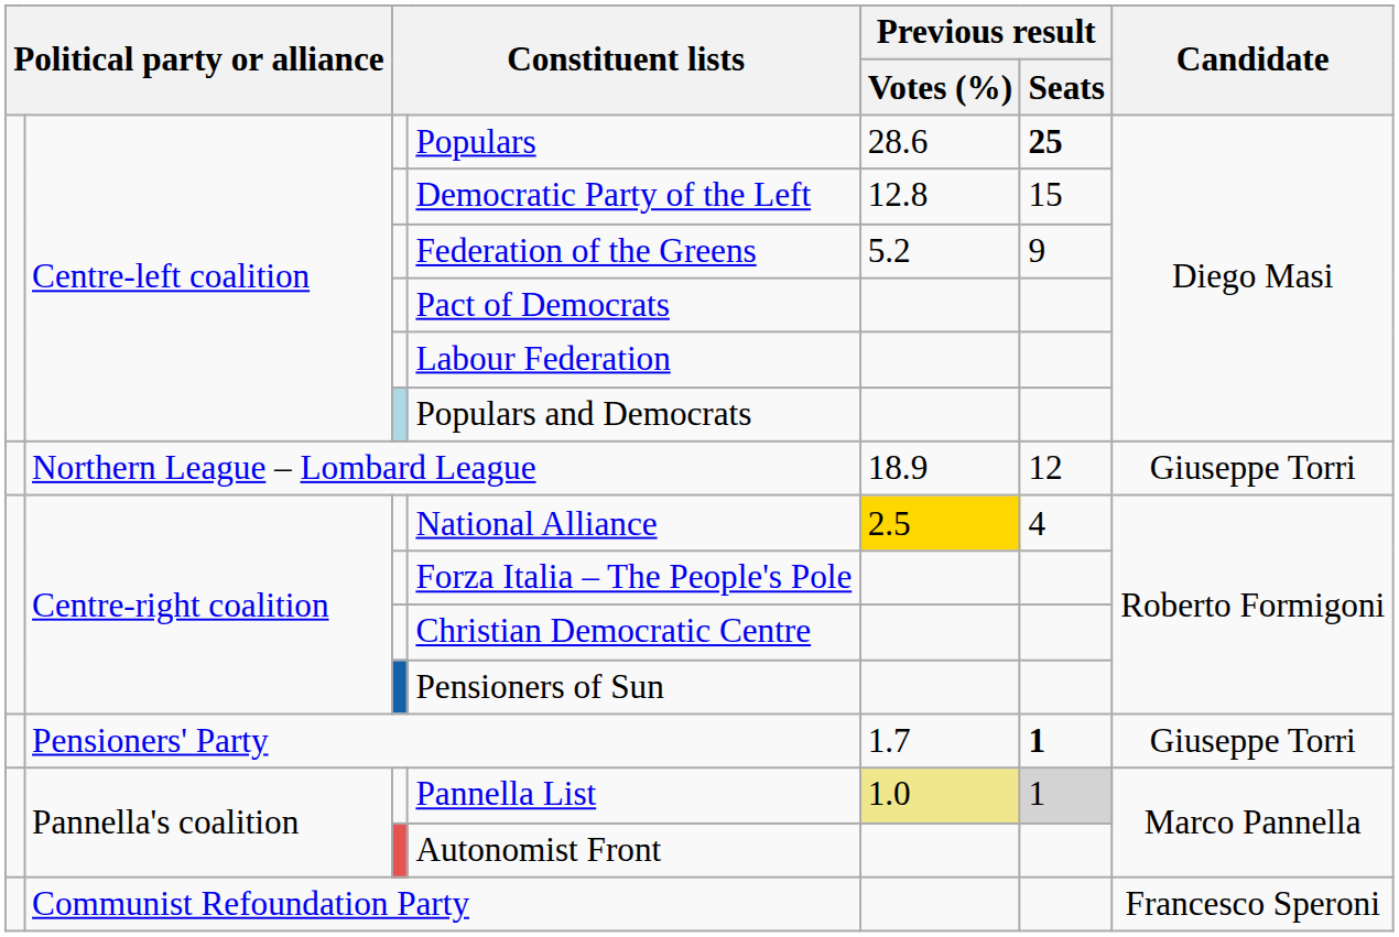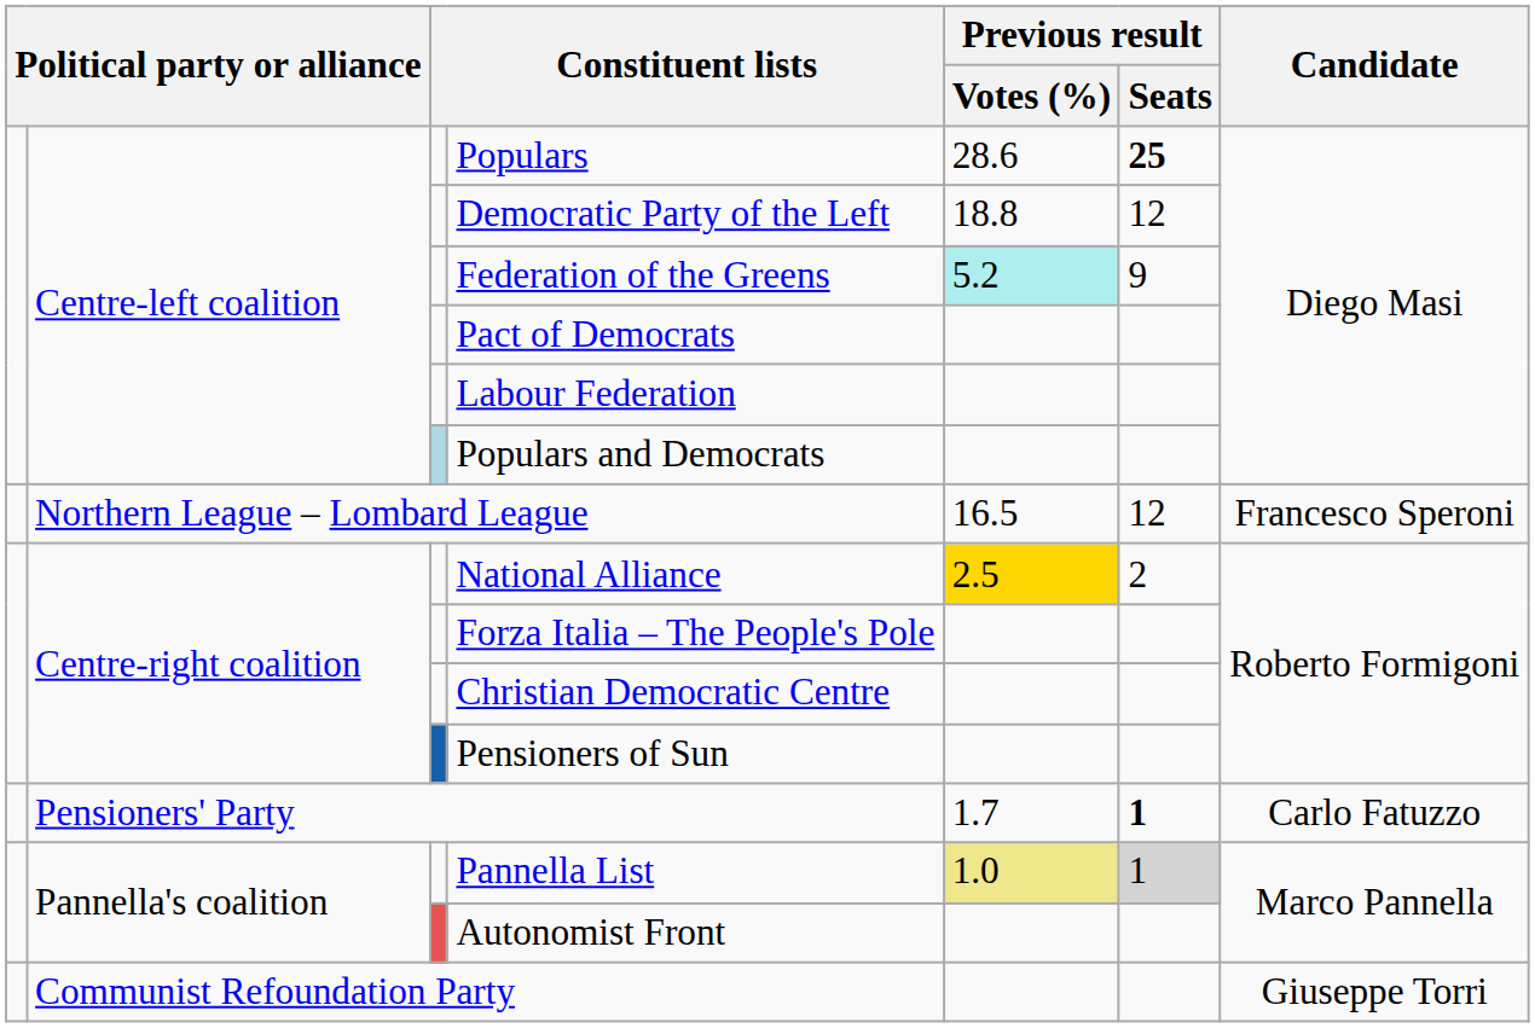 <table class="wikitable" style="text-align:left">
 <tr>
 <th colspan=2 rowspan="2">Political party or alliance</th>
 <th colspan=2 rowspan="2">Constituent lists</th>
 <th colspan="2">Previous result</th>
 <th rowspan="2">Candidate</th>
 </tr>
 <tr>
 <th>Votes (%)</th>
 <th>Seats</th>
 </tr>
 <tr>
 <td rowspan="6"></td>
 <td rowspan="6"><a href='#'>Centre-left coalition</a></td>
 <td></td>
 <td><a href='#'>Populars</a></td>
 <td>28.6</td>
 <td><strong>25</strong></td>
 <td rowspan="6" style="text-align: center;">Diego Masi</td>
 </tr>
 <tr>
 <td></td>
 <td style="text-align:left;"><a href='#'>Democratic Party of the Left</a></td>
-<td>12.8</td>
-<td>15</td>
+<td>18.8</td>
+<td>12</td>
 </tr>
 <tr>
 <td></td>
 <td><a href='#'>Federation of the Greens</a></td>
-<td>5.2</td>
+<td style="background: paleturquoise;">5.2</td>
 <td>9</td>
 </tr>
 <tr>
 <td></td>
 <td><a href='#'>Pact of Democrats</a></td>
 <td></td>
 <td></td>
 </tr>
 <tr>
 <td></td>
 <td><a href='#'>Labour Federation</a></td>
 <td></td>
 <td></td>
 </tr>
 <tr>
 <td bgcolor="lightblue"></td>
 <td>Populars and Democrats</td>
 <td></td>
 <td></td>
 </tr>
 <tr>
 <td style="background-color:"></td>
 <td colspan="3"><a href='#'>Northern League</a> – <a href='#'>Lombard League</a></td>
-<td>18.9</td>
+<td>16.5</td>
 <td>12</td>
-<td style="text-align: center;">Giuseppe Torri</td>
+<td style="text-align: center;">Francesco Speroni</td>
 </tr>
 <tr>
 <td rowspan="4" style="background:"></td>
 <td rowspan=4><a href='#'>Centre-right coalition</a></td>
 <td></td>
 <td style="text-align:left;"><a href='#'>National Alliance</a></td>
 <td style="background: gold;">2.5</td>
-<td>4</td>
+<td>2</td>
 <td rowspan="4" style="text-align: center;">Roberto Formigoni</td>
 </tr>
 <tr>
 <td></td>
 <td style="text-align:left;"><a href='#'>Forza Italia – The People's Pole</a></td>
 <td></td>
 <td></td>
 </tr>
 <tr>
 <td></td>
 <td style="text-align:left;"><a href='#'>Christian Democratic Centre</a></td>
 <td></td>
 <td></td>
 </tr>
 <tr>
 <td bgcolor="#1560AA"></td>
 <td style="text-align:left;">Pensioners of Sun</td>
 <td></td>
 <td></td>
 </tr>
 <tr>
 <td></td>
 <td colspan="3"><a href='#'>Pensioners' Party</a></td>
 <td>1.7</td>
 <td><strong>1</strong></td>
-<td style="text-align: center;">Giuseppe Torri</td>
+<td style="text-align: center;">Carlo Fatuzzo</td>
 </tr>
 <tr>
 <td rowspan="2"></td>
 <td rowspan="2">Pannella's coalition</td>
 <td></td>
 <td><a href='#'>Pannella List</a></td>
 <td style="background: khaki;">1.0</td>
 <td style="background: lightgrey;">1</td>
 <td rowspan="2" style="text-align: center;">Marco Pannella</td>
 </tr>
 <tr>
 <td bgcolor="#E55451"></td>
 <td style="text-align:left;">Autonomist Front</td>
 <td></td>
 <td></td>
 </tr>
 <tr>
 <td style="background-color:"></td>
 <td colspan="3"><a href='#'>Communist Refoundation Party</a></td>
 <td></td>
 <td></td>
-<td style="text-align: center;">Francesco Speroni</td>
+<td style="text-align: center;">Giuseppe Torri</td>
 </tr>
 </table>
